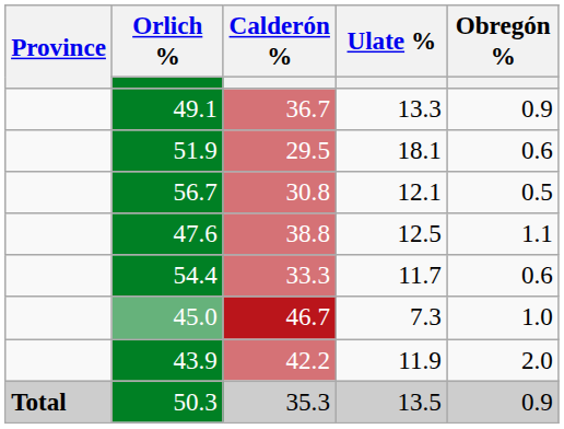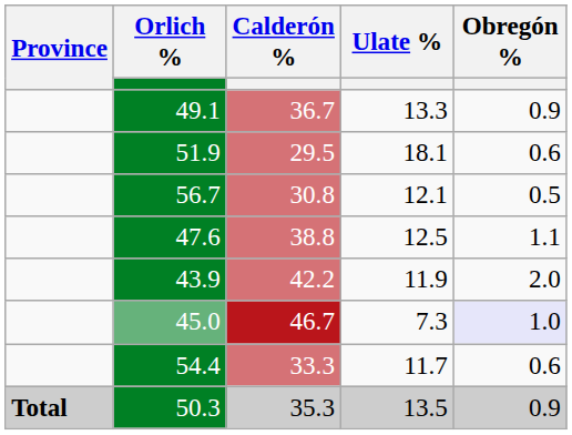 <table class="wikitable sortable" style="text-align:right; font-size:95%">
 <tr>
 <th rowspan=2><a href='#'>Province</a></th>
 <th width=60px><a href='#'>Orlich</a> %</th>
 <th width=60px><a href='#'>Calderón</a> %</th>
 <th width=60px><a href='#'>Ulate</a> %</th>
 <th width=60px>Obregón %</th>
 </tr>
 <tr>
 <th style="background:#008024"></th>
 <th style="background:"></th>
 <th style="background:"></th>
 <th style="background:"></th>
 </tr>
 <tr>
 <td align="left"></td>
 <td style="background:#008024; color:white;">49.1</td>
 <td style="background:#d57276; color:white;">36.7</td>
 <td>13.3</td>
 <td>0.9</td>
 </tr>
 <tr>
 <td align="left"></td>
 <td style="background:#008024; color:white;">51.9</td>
 <td style="background:#d57276; color:white;">29.5</td>
 <td>18.1</td>
 <td>0.6</td>
 </tr>
 <tr>
 <td align="left"></td>
 <td style="background:#008024; color:white;">56.7</td>
 <td style="background:#d57276; color:white;">30.8</td>
 <td>12.1</td>
 <td>0.5</td>
 </tr>
 <tr>
 <td align="left"></td>
 <td style="background:#008024; color:white;">47.6</td>
 <td style="background:#d57276; color:white;">38.8</td>
 <td>12.5</td>
 <td>1.1</td>
 </tr>
 <tr>
 <td align="left"></td>
-<td style="background:#008024; color:white;">54.4</td>
-<td style="background:#d57276; color:white;">33.3</td>
-<td>11.7</td>
-<td>0.6</td>
+<td style="background:#008024; color:white;">43.9</td>
+<td style="background:#d57276; color:white;">42.2</td>
+<td>11.9</td>
+<td>2.0</td>
 </tr>
 <tr>
 <td align="left"></td>
 <td style="background:#66B27B; color:white;">45.0</td>
 <td style="background:#ba151b; color:white;">46.7</td>
 <td>7.3</td>
-<td>1.0</td>
+<td style="background: lavender;">1.0</td>
 </tr>
 <tr>
 <td align="left"></td>
-<td style="background:#008024; color:white;">43.9</td>
-<td style="background:#d57276; color:white;">42.2</td>
-<td>11.9</td>
-<td>2.0</td>
+<td style="background:#008024; color:white;">54.4</td>
+<td style="background:#d57276; color:white;">33.3</td>
+<td>11.7</td>
+<td>0.6</td>
 </tr>
 <tr style="background:#CDCDCD;">
 <td align="left"><strong>Total</strong></td>
 <td style="background:#008024; color:white;">50.3</td>
 <td>35.3</td>
 <td>13.5</td>
 <td>0.9</td>
 </tr>
 </table>
